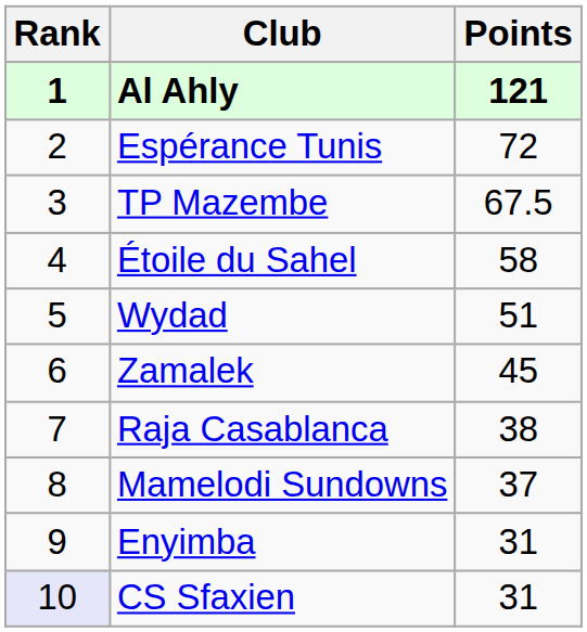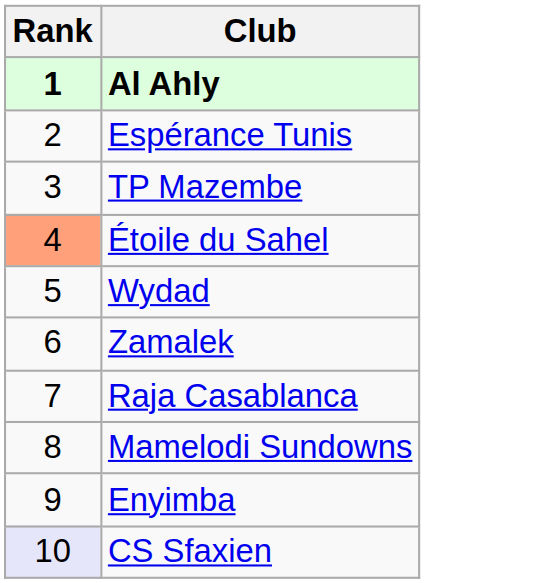 <table class="wikitable" style="text-align: center; display:inline-table;">
 <tr>
 <th>Rank</th>
 <th>Club</th>
-<th>Points</th>
 </tr>
 <tr style="background:#dfd;">
 <td><strong>1</strong></td>
 <td align=left> <strong>Al Ahly</strong></td>
-<td><strong>121</strong></td>
 </tr>
 <tr>
 <td>2</td>
 <td align=left> <a href='#'>Espérance Tunis</a></td>
-<td>72</td>
 </tr>
 <tr>
 <td>3</td>
 <td align=left> <a href='#'>TP Mazembe</a></td>
-<td>67.5</td>
 </tr>
 <tr>
-<td>4</td>
+<td style="background: lightsalmon;">4</td>
 <td align=left> <a href='#'>Étoile du Sahel</a></td>
-<td>58</td>
 </tr>
 <tr>
 <td>5</td>
 <td align=left> <a href='#'>Wydad</a></td>
-<td>51</td>
 </tr>
 <tr>
 <td>6</td>
 <td align=left> <a href='#'>Zamalek</a></td>
-<td>45</td>
 </tr>
 <tr>
 <td>7</td>
 <td align=left> <a href='#'>Raja Casablanca</a></td>
-<td>38</td>
 </tr>
 <tr>
 <td>8</td>
 <td align=left> <a href='#'>Mamelodi Sundowns</a></td>
-<td>37</td>
 </tr>
 <tr>
 <td>9</td>
 <td align=left> <a href='#'>Enyimba</a></td>
-<td>31</td>
 </tr>
 <tr>
 <td style="background: lavender;">10</td>
 <td align=left> <a href='#'>CS Sfaxien</a></td>
-<td>31</td>
 </tr>
 </table>
